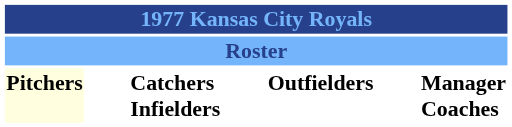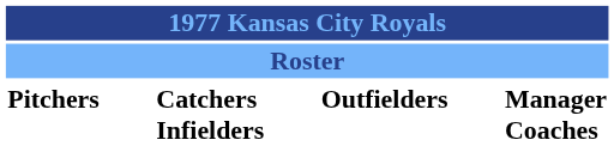 <table class="toccolours" style="font-size: 95%;">
 <tr>
 <th colspan="10" style="background-color: #27408B; color: #74B4FA; text-align: center;">1977 Kansas City Royals</th>
 </tr>
 <tr>
 <td colspan="10" style="background-color: #74B4FA; color: #27408B; text-align: center;"><strong>Roster</strong></td>
 </tr>
 <tr>
-<td valign="top" style="background: lightyellow;"><strong>Pitchers</strong><br>            </td>
+<td valign="top"><strong>Pitchers</strong><br>            </td>
 <td width="25px"></td>
 <td valign="top"><strong>Catchers</strong><br>   <strong>Infielders</strong>         </td>
 <td width="25px"></td>
 <td valign="top"><strong>Outfielders</strong><br>       </td>
 <td width="25px"></td>
 <td valign="top"><strong>Manager</strong><br> <strong>Coaches</strong>    </td>
 </tr>
 <tr>
 </tr>
 </table>
